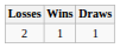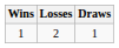 <table class="wikitable">
 <tr>
+<th>Wins</th>
 <th>Losses</th>
-<th>Wins</th>
 <th>Draws</th>
 </tr>
 <tr>
+<td align="center">1</td>
 <td align="center">2</td>
-<td align="center">1</td>
 <td align="center">1</td>
 </tr>
 </table>
